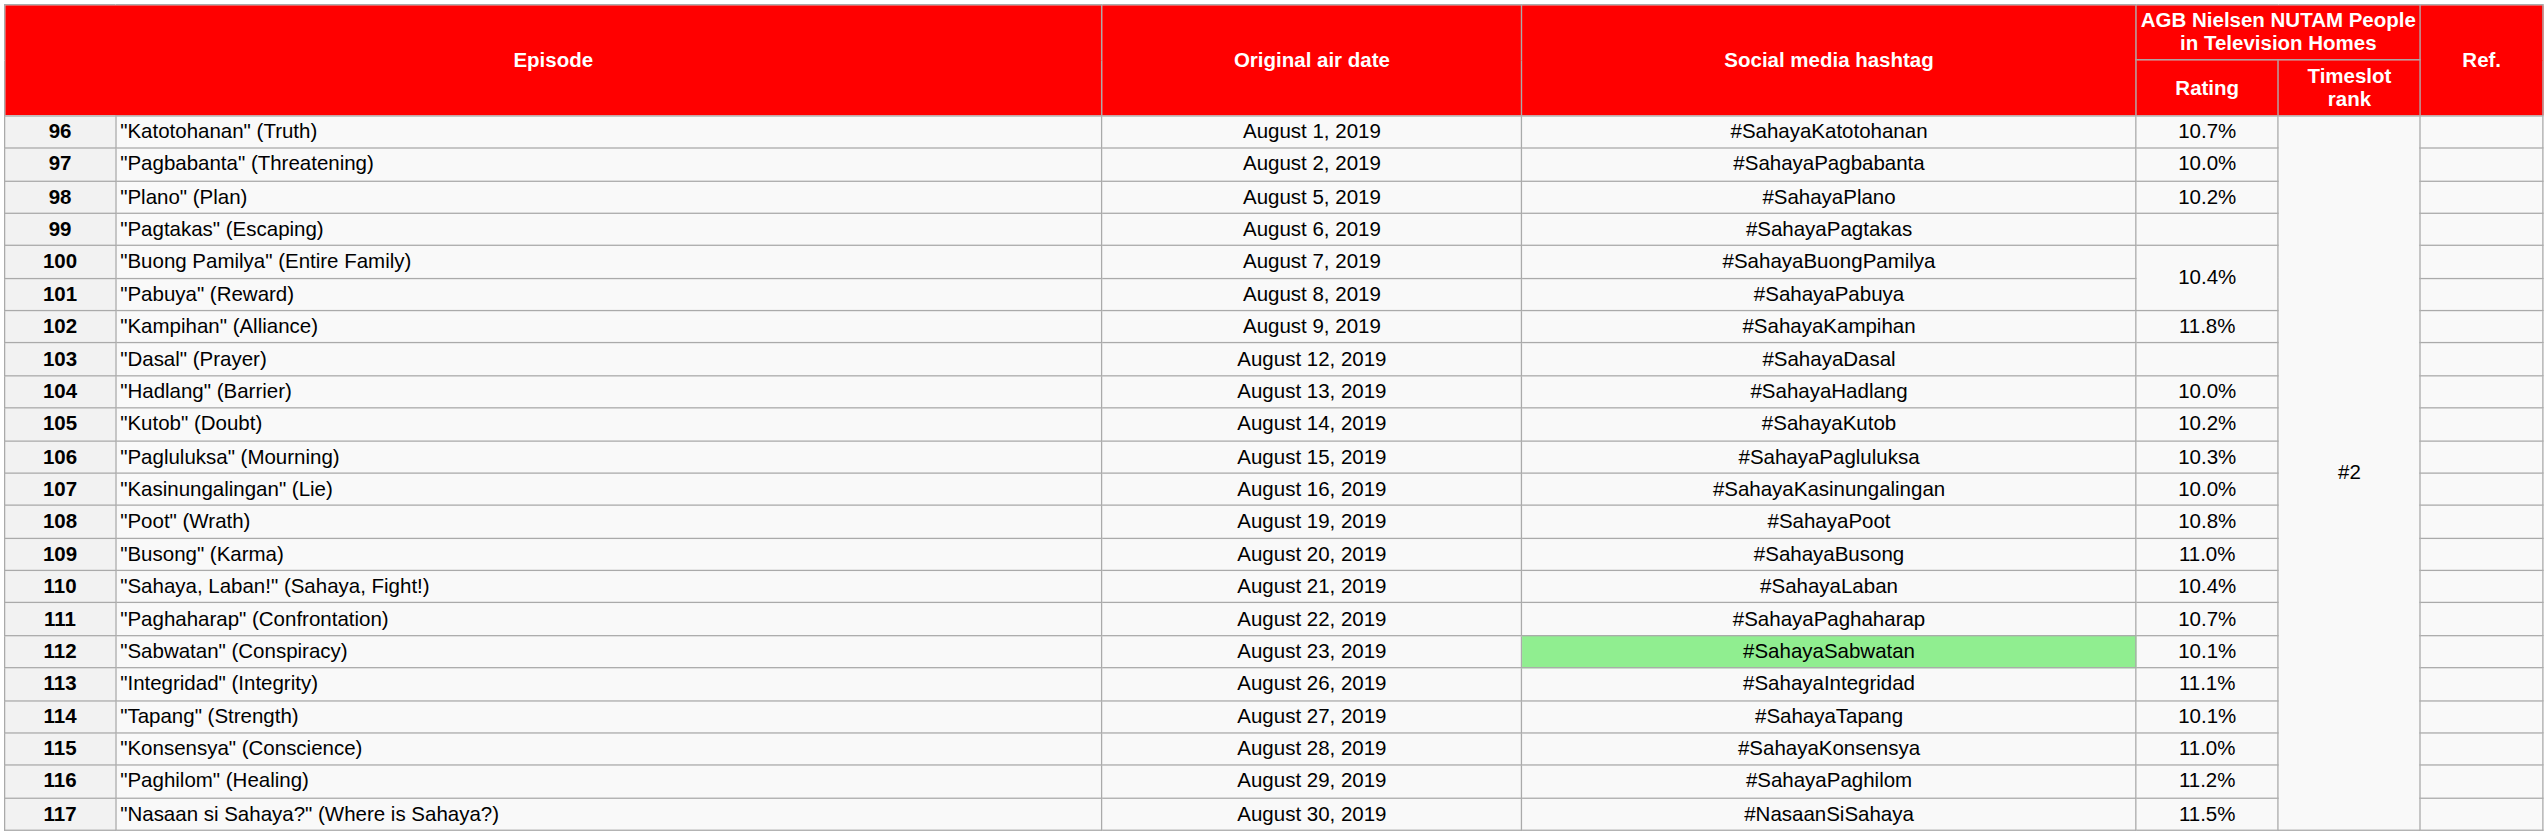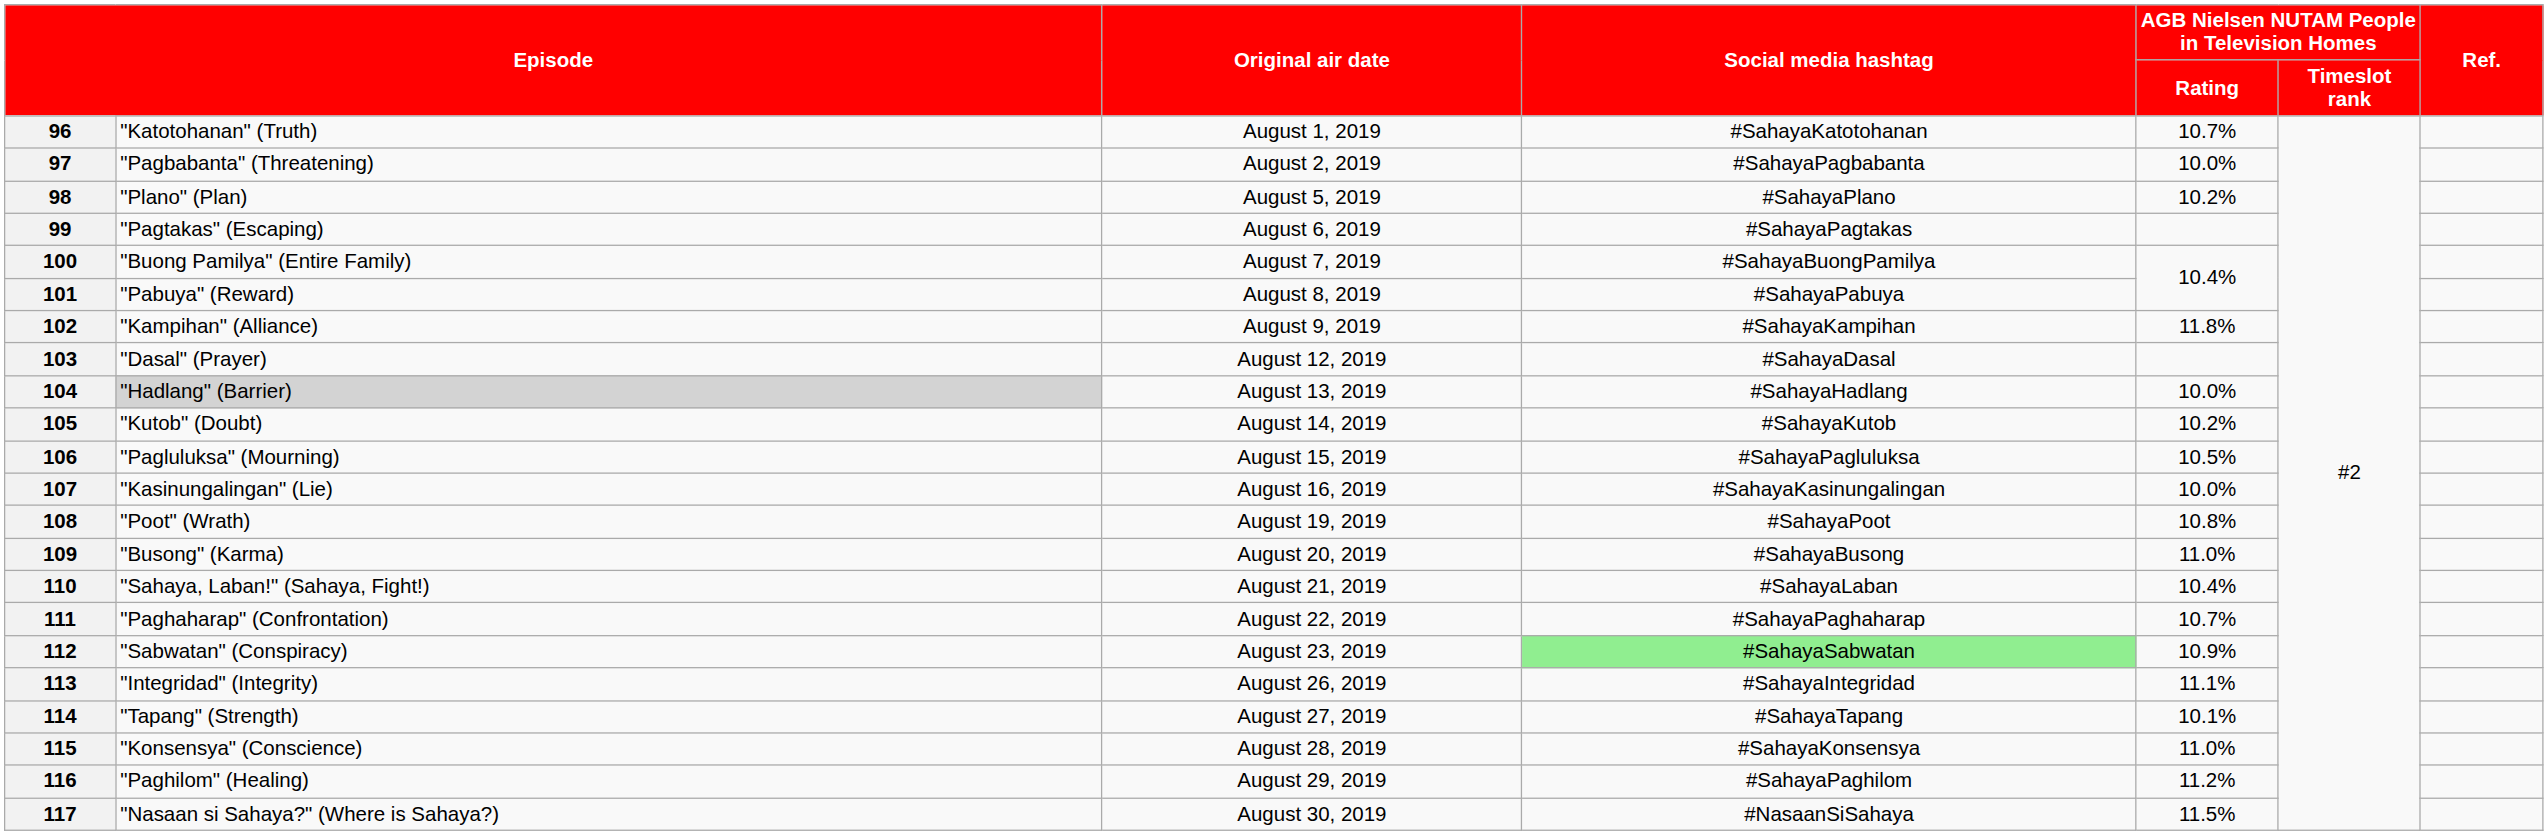 <table class="wikitable" style="text-align:center; font-size:100%; line-height:18px;" width="100%">
 <tr>
 <th style="background-color:#FF0000; color:#ffffff;" colspan="2" rowspan="2">Episode</th>
 <th style="background-color:#FF0000; color:white" rowspan="2">Original air date</th>
 <th style="background-color:#FF0000; color:white" rowspan="2">Social media hashtag</th>
 <th style="background-color:#FF0000; color:#ffffff;" colspan="2">AGB Nielsen NUTAM People in Television Homes</th>
 <th style="background-color:#FF0000; color:#ffffff;" rowspan="2">Ref.</th>
 </tr>
 <tr>
 <th style="background-color:#FF0000; width:75px; color:#ffffff;">Rating</th>
 <th style="background-color:#FF0000; width:75px; color:#ffffff;">Timeslot<br>rank</th>
 </tr>
 <tr>
 <th>96</th>
 <td style="text-align: left;">"Katotohanan" (Truth)</td>
 <td>August 1, 2019</td>
 <td>#SahayaKatotohanan</td>
 <td>10.7%</td>
 <td rowspan="22">#2</td>
 <td></td>
 </tr>
 <tr>
 <th>97</th>
 <td style="text-align: left;">"Pagbabanta" (Threatening)</td>
 <td>August 2, 2019</td>
 <td>#SahayaPagbabanta</td>
 <td>10.0%</td>
 <td></td>
 </tr>
 <tr>
 <th>98</th>
 <td style="text-align: left;">"Plano" (Plan)</td>
 <td>August 5, 2019</td>
 <td>#SahayaPlano</td>
 <td>10.2%</td>
 <td></td>
 </tr>
 <tr>
 <th>99</th>
 <td style="text-align: left;">"Pagtakas" (Escaping)</td>
 <td>August 6, 2019</td>
 <td>#SahayaPagtakas</td>
 <td></td>
 <td></td>
 </tr>
 <tr>
 <th>100</th>
 <td style="text-align: left;">"Buong Pamilya" (Entire Family)</td>
 <td>August 7, 2019</td>
 <td>#SahayaBuongPamilya</td>
 <td rowspan="2">10.4%</td>
 <td></td>
 </tr>
 <tr>
 <th>101</th>
 <td style="text-align: left;">"Pabuya" (Reward)</td>
 <td>August 8, 2019</td>
 <td>#SahayaPabuya</td>
 <td></td>
 </tr>
 <tr>
 <th>102</th>
 <td style="text-align: left;">"Kampihan" (Alliance)</td>
 <td>August 9, 2019</td>
 <td>#SahayaKampihan</td>
 <td>11.8%</td>
 <td></td>
 </tr>
 <tr>
 <th>103</th>
 <td style="text-align: left;">"Dasal" (Prayer)</td>
 <td>August 12, 2019</td>
 <td>#SahayaDasal</td>
 <td></td>
 <td></td>
 </tr>
 <tr>
 <th>104</th>
-<td style="text-align: left;">"Hadlang" (Barrier)</td>
+<td style="background: lightgrey; text-align: left;">"Hadlang" (Barrier)</td>
 <td>August 13, 2019</td>
 <td>#SahayaHadlang</td>
 <td>10.0%</td>
 <td></td>
 </tr>
 <tr>
 <th>105</th>
 <td style="text-align: left;">"Kutob" (Doubt)</td>
 <td>August 14, 2019</td>
 <td>#SahayaKutob</td>
 <td>10.2%</td>
 <td></td>
 </tr>
 <tr>
 <th>106</th>
 <td style="text-align: left;">"Pagluluksa" (Mourning)</td>
 <td>August 15, 2019</td>
 <td>#SahayaPagluluksa</td>
-<td>10.3%</td>
+<td>10.5%</td>
 <td></td>
 </tr>
 <tr>
 <th>107</th>
 <td style="text-align: left;">"Kasinungalingan" (Lie)</td>
 <td>August 16, 2019</td>
 <td>#SahayaKasinungalingan</td>
 <td>10.0%</td>
 <td></td>
 </tr>
 <tr>
 <th>108</th>
 <td style="text-align: left;">"Poot" (Wrath)</td>
 <td>August 19, 2019</td>
 <td>#SahayaPoot</td>
 <td>10.8%</td>
 <td></td>
 </tr>
 <tr>
 <th>109</th>
 <td style="text-align: left;">"Busong" (Karma)</td>
 <td>August 20, 2019</td>
 <td>#SahayaBusong</td>
 <td>11.0%</td>
 <td></td>
 </tr>
 <tr>
 <th>110</th>
 <td style="text-align: left;">"Sahaya, Laban!" (Sahaya, Fight!)</td>
 <td>August 21, 2019</td>
 <td>#SahayaLaban</td>
 <td>10.4%</td>
 <td></td>
 </tr>
 <tr>
 <th>111</th>
 <td style="text-align: left;">"Paghaharap" (Confrontation)</td>
 <td>August 22, 2019</td>
 <td>#SahayaPaghaharap</td>
 <td>10.7%</td>
 <td></td>
 </tr>
 <tr>
 <th>112</th>
 <td style="text-align: left;">"Sabwatan" (Conspiracy)</td>
 <td>August 23, 2019</td>
 <td style="background: lightgreen;">#SahayaSabwatan</td>
-<td>10.1%</td>
+<td>10.9%</td>
 <td></td>
 </tr>
 <tr>
 <th>113</th>
 <td style="text-align: left;">"Integridad" (Integrity)</td>
 <td>August 26, 2019</td>
 <td>#SahayaIntegridad</td>
 <td>11.1%</td>
 <td></td>
 </tr>
 <tr>
 <th>114</th>
 <td style="text-align: left;">"Tapang" (Strength)</td>
 <td>August 27, 2019</td>
 <td>#SahayaTapang</td>
 <td>10.1%</td>
 <td></td>
 </tr>
 <tr>
 <th>115</th>
 <td style="text-align: left;">"Konsensya" (Conscience)</td>
 <td>August 28, 2019</td>
 <td>#SahayaKonsensya</td>
 <td>11.0%</td>
 <td></td>
 </tr>
 <tr>
 <th>116</th>
 <td style="text-align: left;">"Paghilom" (Healing)</td>
 <td>August 29, 2019</td>
 <td>#SahayaPaghilom</td>
 <td>11.2%</td>
 <td></td>
 </tr>
 <tr>
 <th>117</th>
 <td style="text-align: left;">"Nasaan si Sahaya?" (Where is Sahaya?)</td>
 <td>August 30, 2019</td>
 <td>#NasaanSiSahaya</td>
 <td>11.5%</td>
 <td></td>
 </tr>
 </table>
